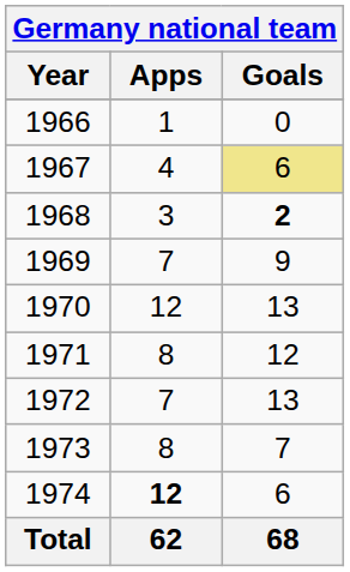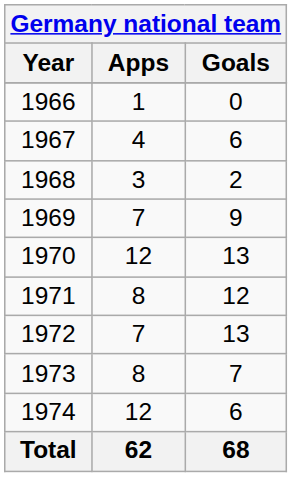 <table class="wikitable" style="text-align:center">
 <tr>
 <th colspan=3><a href='#'>Germany national team</a></th>
 </tr>
 <tr>
 <th>Year</th>
 <th>Apps</th>
 <th>Goals</th>
 </tr>
 <tr>
 </tr>
 <tr>
 <td>1966</td>
 <td>1</td>
 <td>0</td>
 </tr>
 <tr>
 <td>1967</td>
 <td>4</td>
-<td style="background: khaki;">6</td>
+<td>6</td>
 </tr>
 <tr>
 <td>1968</td>
 <td>3</td>
-<td><strong>2</strong></td>
+<td>2</td>
 </tr>
 <tr>
 <td>1969</td>
 <td>7</td>
 <td>9</td>
 </tr>
 <tr>
 <td>1970</td>
 <td>12</td>
 <td>13</td>
 </tr>
 <tr>
 <td>1971</td>
 <td>8</td>
 <td>12</td>
 </tr>
 <tr>
 <td>1972</td>
 <td>7</td>
 <td>13</td>
 </tr>
 <tr>
 <td>1973</td>
 <td>8</td>
 <td>7</td>
 </tr>
 <tr>
 <td>1974</td>
-<td><strong>12</strong></td>
+<td>12</td>
 <td>6</td>
 </tr>
 <tr>
 <th>Total</th>
 <th>62</th>
 <th>68</th>
 </tr>
 </table>
